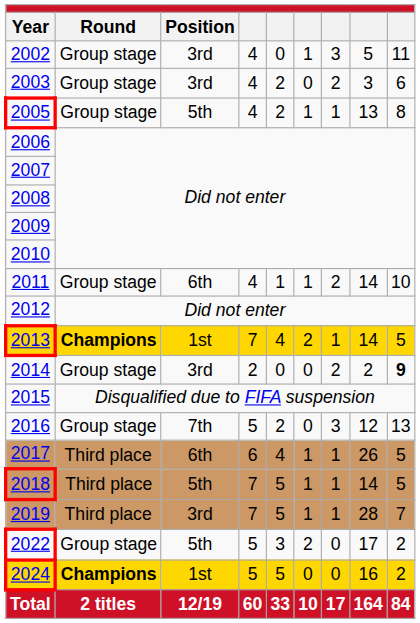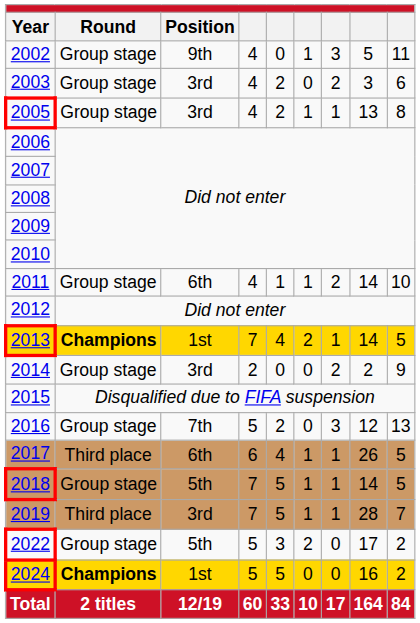 <table class="wikitable" style="text-align: center;">
 <tr>
 <th colspan=9 style="background: #CE1126; color: #FFFFFF;"><a href='#'></a></th>
 </tr>
 <tr>
 <th>Year</th>
 <th>Round</th>
 <th>Position</th>
 <th></th>
 <th></th>
 <th></th>
 <th></th>
 <th></th>
 <th></th>
 </tr>
 <tr>
 <td>  <a href='#'>2002</a></td>
 <td>Group stage</td>
-<td>3rd</td>
+<td>9th</td>
 <td>4</td>
 <td>0</td>
 <td>1</td>
 <td>3</td>
 <td>5</td>
 <td>11</td>
 </tr>
 <tr>
 <td>  <a href='#'>2003</a></td>
 <td>Group stage</td>
 <td>3rd</td>
 <td>4</td>
 <td>2</td>
 <td>0</td>
 <td>2</td>
 <td>3</td>
 <td>6</td>
 </tr>
 <tr>
 <td style="border: 3px solid red"> <a href='#'>2005</a></td>
 <td>Group stage</td>
-<td>5th</td>
+<td>3rd</td>
 <td>4</td>
 <td>2</td>
 <td>1</td>
 <td>1</td>
 <td>13</td>
 <td>8</td>
 </tr>
 <tr>
 <td> <a href='#'>2006</a></td>
 <td rowspan="5" colspan="8"><em>Did not enter</em></td>
 </tr>
 <tr>
 <td> <a href='#'>2007</a></td>
 </tr>
 <tr>
 <td> <a href='#'>2008</a></td>
 </tr>
 <tr>
 <td> <a href='#'>2009</a></td>
 </tr>
 <tr>
 <td> <a href='#'>2010</a></td>
 </tr>
 <tr>
 <td> <a href='#'>2011</a></td>
 <td>Group stage</td>
 <td>6th</td>
 <td>4</td>
 <td>1</td>
 <td>1</td>
 <td>2</td>
 <td>14</td>
 <td>10</td>
 </tr>
 <tr>
 <td> <a href='#'>2012</a></td>
 <td colspan="8"><em>Did not enter</em></td>
 </tr>
 <tr bgcolor=gold>
 <td style="border: 3px solid red"> <a href='#'>2013</a></td>
 <td><strong>Champions</strong></td>
 <td>1st</td>
 <td>7</td>
 <td>4</td>
 <td>2</td>
 <td>1</td>
 <td>14</td>
 <td>5</td>
 </tr>
 <tr>
 <td> <a href='#'>2014</a></td>
 <td>Group stage</td>
 <td>3rd</td>
 <td>2</td>
 <td>0</td>
 <td>0</td>
 <td>2</td>
 <td>2</td>
-<td><strong>9</strong></td>
+<td>9</td>
 </tr>
 <tr>
 <td> <a href='#'>2015</a></td>
 <td colspan=8><em>Disqualified due to <a href='#'>FIFA</a> suspension</em></td>
 </tr>
 <tr>
 <td> <a href='#'>2016</a></td>
 <td>Group stage</td>
 <td>7th</td>
 <td>5</td>
 <td>2</td>
 <td>0</td>
 <td>3</td>
 <td>12</td>
 <td>13</td>
 </tr>
 <tr bgcolor="#cc9966">
 <td> <a href='#'>2017</a></td>
 <td>Third place</td>
 <td>6th</td>
 <td>6</td>
 <td>4</td>
 <td>1</td>
 <td>1</td>
 <td>26</td>
 <td>5</td>
 </tr>
 <tr bgcolor="#cc9966">
 <td style="border: 3px solid red"> <a href='#'>2018</a></td>
-<td>Third place</td>
+<td>Group stage</td>
 <td>5th</td>
 <td>7</td>
 <td>5</td>
 <td>1</td>
 <td>1</td>
 <td>14</td>
 <td>5</td>
 </tr>
 <tr bgcolor="#cc9966">
 <td> <a href='#'>2019</a></td>
 <td>Third place</td>
 <td>3rd</td>
 <td>7</td>
 <td>5</td>
 <td>1</td>
 <td>1</td>
 <td>28</td>
 <td>7</td>
 </tr>
 <tr bgcolor=>
 <td style="border: 3px solid red"> <a href='#'>2022</a></td>
 <td>Group stage</td>
 <td>5th</td>
 <td>5</td>
 <td>3</td>
 <td>2</td>
 <td>0</td>
 <td>17</td>
 <td>2</td>
 </tr>
 <tr bgcolor=gold>
 <td style="border: 3px solid red"> <a href='#'>2024</a></td>
 <td><strong>Champions</strong></td>
 <td>1st</td>
 <td>5</td>
 <td>5</td>
 <td>0</td>
 <td>0</td>
 <td>16</td>
 <td>2</td>
 </tr>
 <tr style="background: #CE1126; color: #FFFFFF;|">
 <td><strong>Total</strong></td>
 <td><strong>2 titles</strong></td>
 <td><strong>12/19</strong></td>
 <td><strong>60</strong></td>
 <td><strong>33</strong></td>
 <td><strong>10</strong></td>
 <td><strong>17</strong></td>
 <td><strong>164</strong></td>
 <td><strong>84</strong></td>
 </tr>
 </table>
